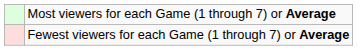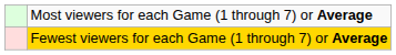 <table class="wikitable">
 <tr>
 <td bgcolor="#DDFFDD">    </td>
 <td>Most viewers for each Game (1 through 7) or <strong>Average</strong></td>
 </tr>
 <tr>
 <td bgcolor="#FFDDDD">    </td>
-<td>Fewest viewers for each Game (1 through 7) or <strong>Average</strong></td>
+<td style="background: gold;">Fewest viewers for each Game (1 through 7) or <strong>Average</strong></td>
 </tr>
 </table>
